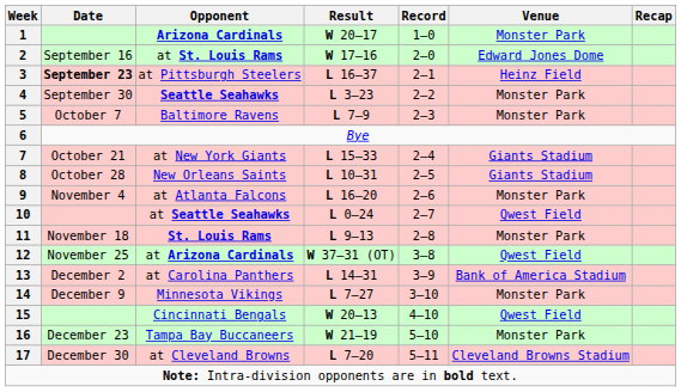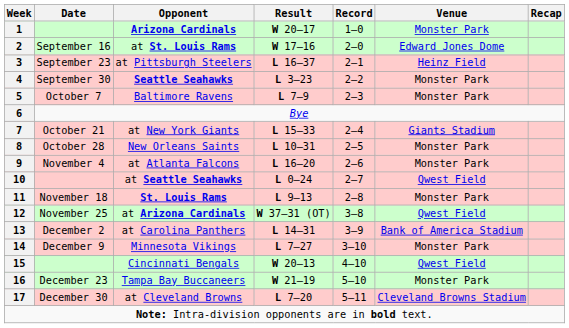 <table class="wikitable" style="text-align:center">
 <tr>
 <th>Week</th>
 <th>Date</th>
 <th>Opponent</th>
 <th>Result</th>
 <th>Record</th>
 <th>Venue</th>
 <th>Recap</th>
 </tr>
 <tr style="background:#cfc">
 <th>1</th>
 <td></td>
 <td><strong><a href='#'>Arizona Cardinals</a></strong></td>
 <td><strong>W</strong> 20–17</td>
 <td>1–0</td>
 <td><a href='#'>Monster Park</a></td>
 <td></td>
 </tr>
 <tr style="background:#cfc">
 <th>2</th>
 <td>September 16</td>
 <td>at <strong><a href='#'>St. Louis Rams</a></strong></td>
 <td><strong>W</strong> 17–16</td>
 <td>2–0</td>
 <td><a href='#'>Edward Jones Dome</a></td>
 <td></td>
 </tr>
 <tr style="background:#fcc">
 <th>3</th>
-<td><strong>September 23</strong></td>
+<td>September 23</td>
 <td>at <a href='#'>Pittsburgh Steelers</a></td>
 <td><strong>L</strong> 16–37</td>
 <td>2–1</td>
 <td><a href='#'>Heinz Field</a></td>
 <td></td>
 </tr>
 <tr style="background:#fcc">
 <th>4</th>
 <td>September 30</td>
 <td><strong><a href='#'>Seattle Seahawks</a></strong></td>
 <td><strong>L</strong> 3–23</td>
 <td>2–2</td>
 <td>Monster Park</td>
 <td></td>
 </tr>
 <tr style="background:#fcc">
 <th>5</th>
 <td>October 7</td>
 <td><a href='#'>Baltimore Ravens</a></td>
 <td><strong>L</strong> 7–9</td>
 <td>2–3</td>
 <td>Monster Park</td>
 <td></td>
 </tr>
 <tr>
 <th>6</th>
 <td colspan=6><em><a href='#'>Bye</a></em></td>
 </tr>
 <tr style="background:#fcc">
 <th>7</th>
 <td>October 21</td>
 <td>at <a href='#'>New York Giants</a></td>
 <td><strong>L</strong> 15–33</td>
 <td>2–4</td>
 <td><a href='#'>Giants Stadium</a></td>
 <td></td>
 </tr>
 <tr style="background:#fcc">
 <th>8</th>
 <td>October 28</td>
 <td><a href='#'>New Orleans Saints</a></td>
 <td><strong>L</strong> 10–31</td>
 <td>2–5</td>
-<td><a href='#'>Giants Stadium</a></td>
+<td>Monster Park</td>
 <td></td>
 </tr>
 <tr style="background:#fcc">
 <th>9</th>
 <td>November 4</td>
 <td>at <a href='#'>Atlanta Falcons</a></td>
 <td><strong>L</strong> 16–20</td>
 <td>2–6</td>
 <td>Monster Park</td>
 <td></td>
 </tr>
 <tr style="background:#fcc">
 <th>10</th>
 <td></td>
 <td>at <strong><a href='#'>Seattle Seahawks</a></strong></td>
 <td><strong>L</strong> 0–24</td>
 <td>2–7</td>
 <td><a href='#'>Qwest Field</a></td>
 <td></td>
 </tr>
 <tr style="background:#fcc">
 <th>11</th>
 <td>November 18</td>
 <td><strong><a href='#'>St. Louis Rams</a></strong></td>
 <td><strong>L</strong> 9–13</td>
 <td>2–8</td>
 <td>Monster Park</td>
 <td></td>
 </tr>
 <tr style="background:#cfc">
 <th>12</th>
 <td>November 25</td>
 <td>at <strong><a href='#'>Arizona Cardinals</a></strong></td>
 <td><strong>W</strong> 37–31 (OT)</td>
 <td>3–8</td>
 <td><a href='#'>Qwest Field</a></td>
 <td></td>
 </tr>
 <tr style="background:#fcc">
 <th>13</th>
 <td>December 2</td>
 <td>at <a href='#'>Carolina Panthers</a></td>
 <td><strong>L</strong> 14–31</td>
 <td>3–9</td>
 <td><a href='#'>Bank of America Stadium</a></td>
 <td></td>
 </tr>
 <tr style="background:#fcc">
 <th>14</th>
 <td>December 9</td>
 <td><a href='#'>Minnesota Vikings</a></td>
 <td><strong>L</strong> 7–27</td>
 <td>3–10</td>
 <td>Monster Park</td>
 <td></td>
 </tr>
 <tr style="background:#cfc">
 <th>15</th>
 <td></td>
 <td><a href='#'>Cincinnati Bengals</a></td>
 <td><strong>W</strong> 20–13</td>
 <td>4–10</td>
 <td><a href='#'>Qwest Field</a></td>
 <td></td>
 </tr>
 <tr style="background:#cfc">
 <th>16</th>
 <td>December 23</td>
 <td><a href='#'>Tampa Bay Buccaneers</a></td>
 <td><strong>W</strong> 21–19</td>
 <td>5–10</td>
 <td>Monster Park</td>
 <td></td>
 </tr>
 <tr style="background:#fcc">
 <th>17</th>
 <td>December 30</td>
 <td>at <a href='#'>Cleveland Browns</a></td>
 <td><strong>L</strong> 7–20</td>
 <td>5–11</td>
 <td><a href='#'>Cleveland Browns Stadium</a></td>
 <td></td>
 </tr>
 <tr>
 <td colspan="8"><strong>Note:</strong> Intra-division opponents are in <strong>bold</strong> text.</td>
 </tr>
 </table>
